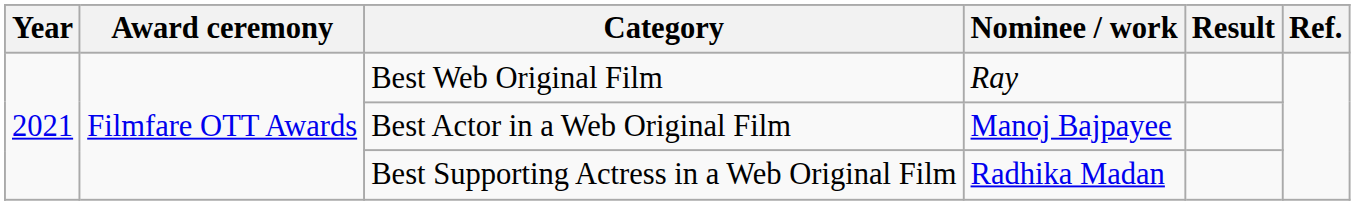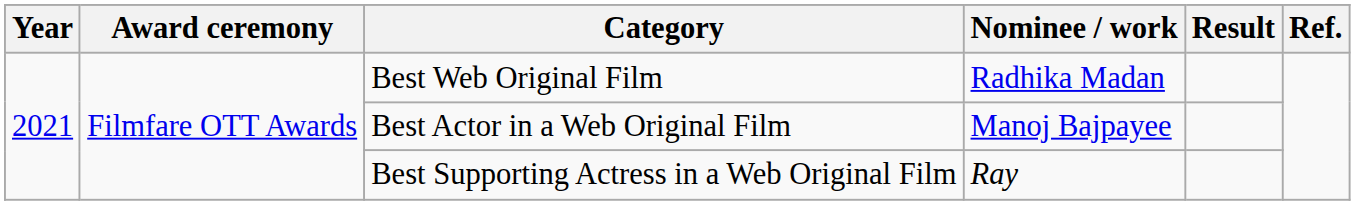 <table class="wikitable">
 <tr>
 <th>Year</th>
 <th>Award ceremony</th>
 <th>Category</th>
 <th>Nominee / work</th>
 <th>Result</th>
 <th>Ref.</th>
 </tr>
 <tr>
 <td rowspan="3"><a href='#'>2021</a></td>
 <td rowspan="3"><a href='#'>Filmfare OTT Awards</a></td>
 <td>Best Web Original Film</td>
-<td><em>Ray</em></td>
+<td><a href='#'>Radhika Madan</a></td>
 <td></td>
 <td rowspan="3"></td>
 </tr>
 <tr>
 <td>Best Actor in a Web Original Film</td>
 <td><a href='#'>Manoj Bajpayee</a></td>
 <td></td>
 </tr>
 <tr>
 <td>Best Supporting Actress in a Web Original Film</td>
-<td><a href='#'>Radhika Madan</a></td>
+<td><em>Ray</em></td>
 <td></td>
 </tr>
 </table>
